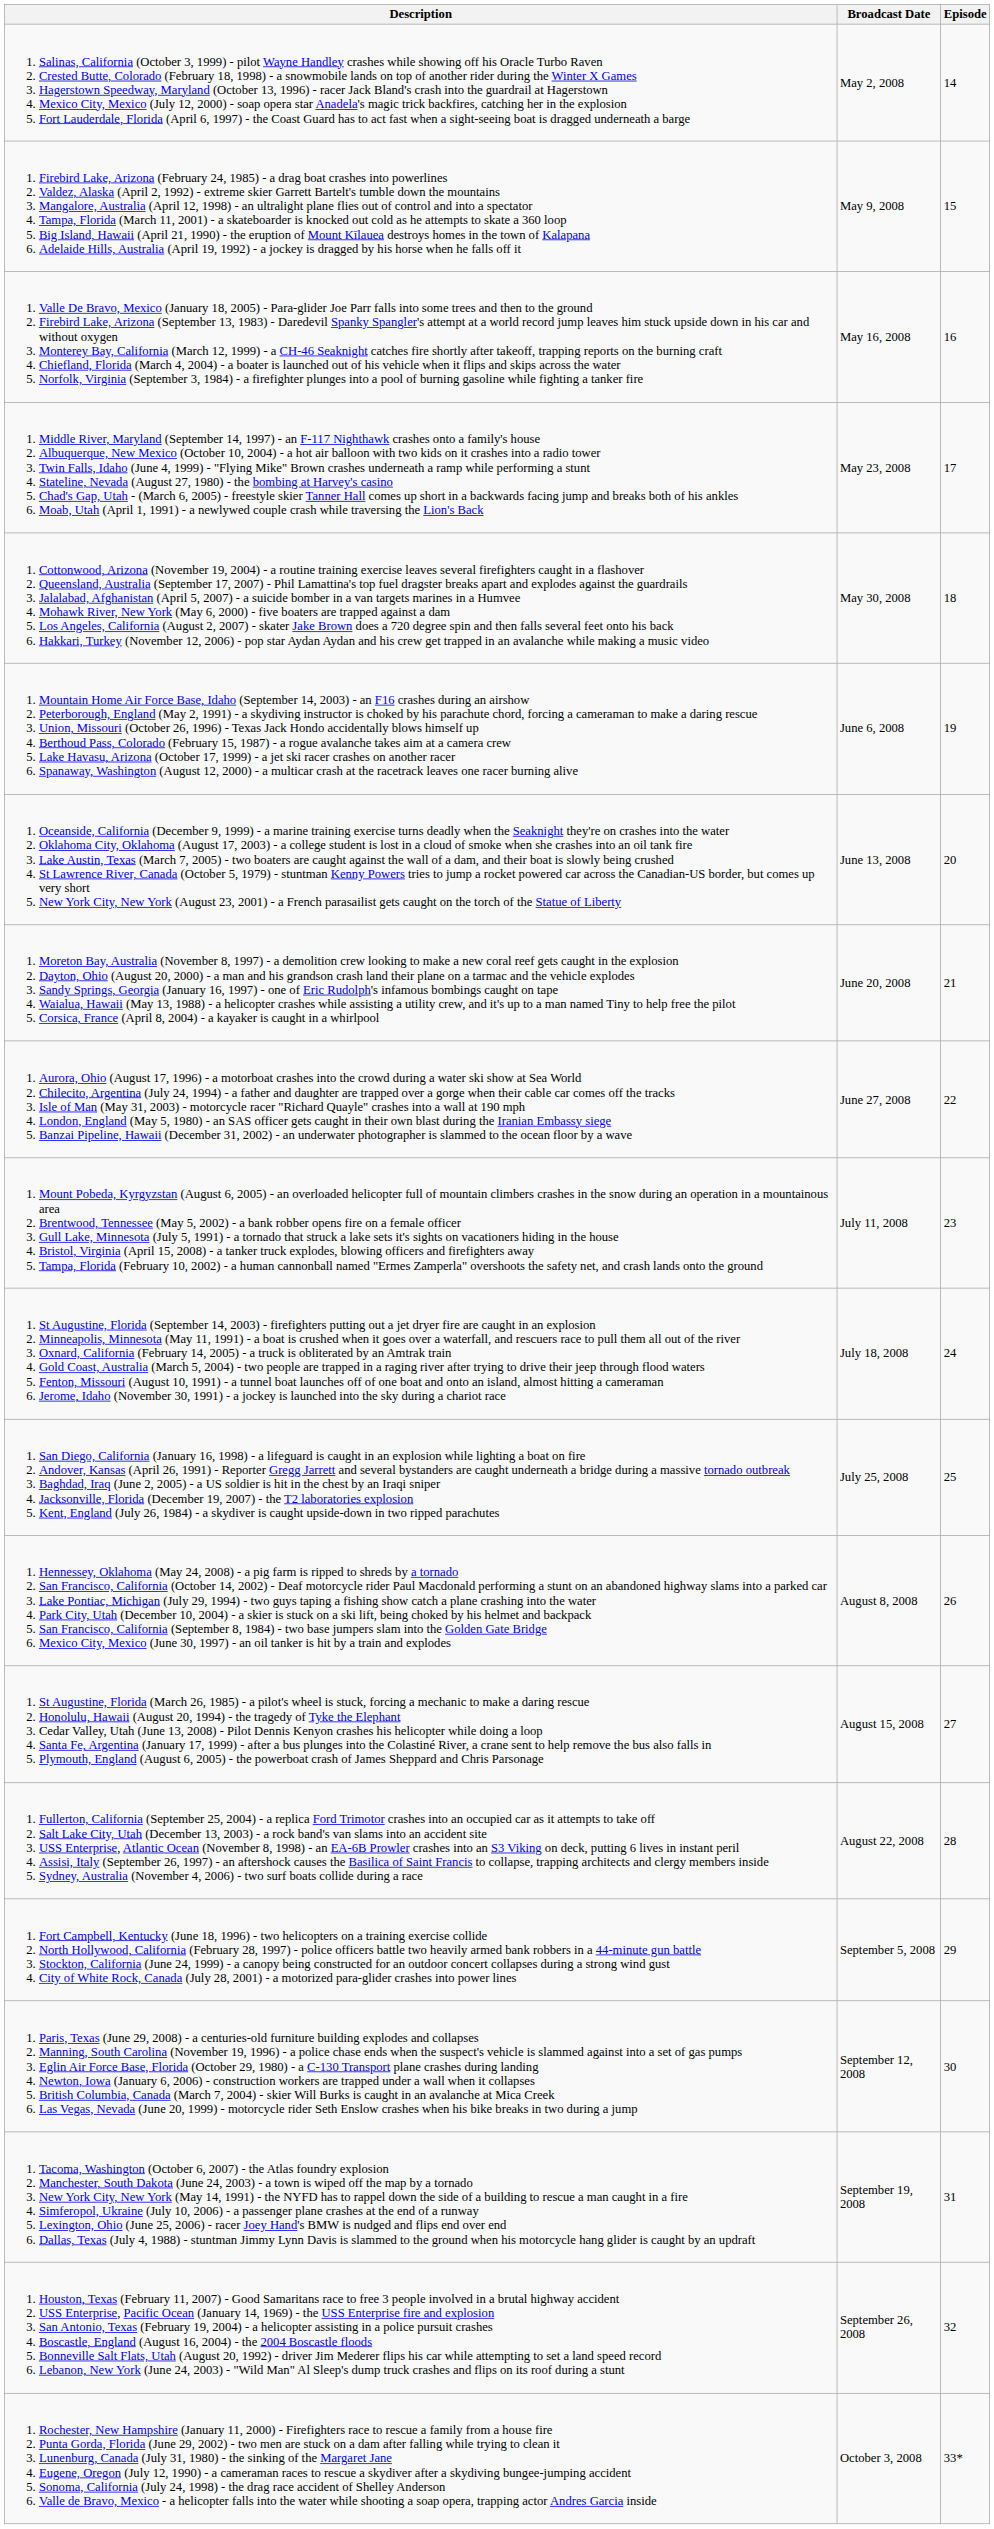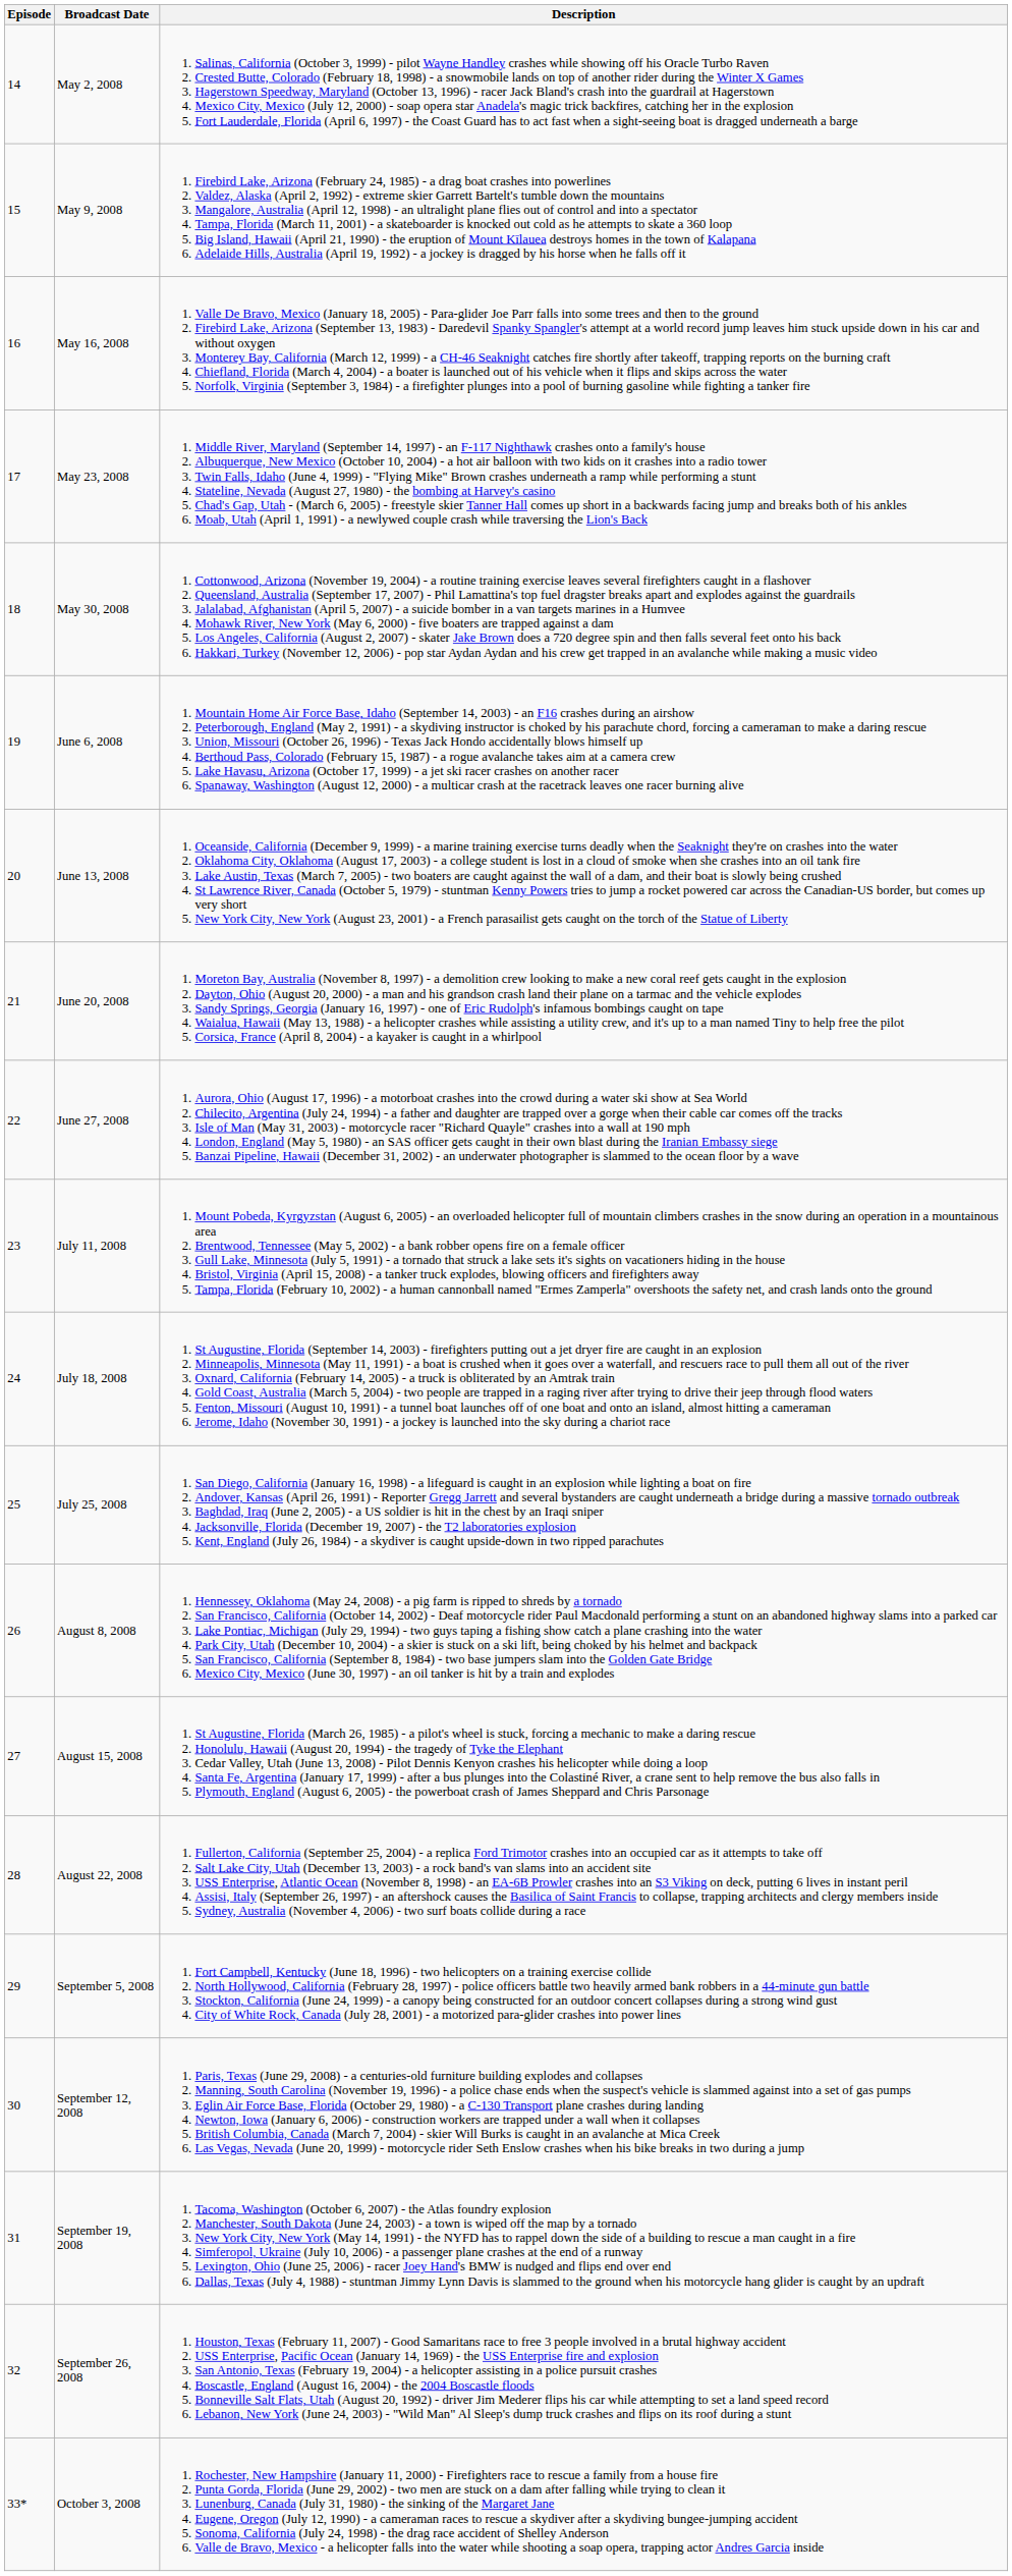 <table class="wikitable">
 <tr>
+<th>Episode</th>
+<th>Broadcast Date</th>
 <th>Description</th>
-<th>Broadcast Date</th>
-<th>Episode</th>
 </tr>
 <tr>
+<td>14</td>
+<td>May 2, 2008</td>
 <td><br><ol><li><a href='#'>Salinas, California</a> (October 3, 1999) - pilot <a href='#'>Wayne Handley</a> crashes while showing off his Oracle Turbo Raven</li><li><a href='#'>Crested Butte, Colorado</a> (February 18, 1998) - a snowmobile lands on top of another rider during the <a href='#'>Winter X Games</a></li><li><a href='#'>Hagerstown Speedway, Maryland</a> (October 13, 1996) - racer Jack Bland's crash into the guardrail at Hagerstown</li><li><a href='#'>Mexico City, Mexico</a> (July 12, 2000) - soap opera star <a href='#'>Anadela</a>'s magic trick backfires, catching her in the explosion</li><li><a href='#'>Fort Lauderdale, Florida</a> (April 6, 1997) - the Coast Guard has to act fast when a sight-seeing boat is dragged underneath a barge</li></ol></td>
-<td>May 2, 2008</td>
-<td>14</td>
 </tr>
 <tr>
+<td>15</td>
+<td>May 9, 2008</td>
 <td><br><ol><li><a href='#'>Firebird Lake, Arizona</a> (February 24, 1985) - a drag boat crashes into powerlines</li><li><a href='#'>Valdez, Alaska</a> (April 2, 1992) - extreme skier Garrett Bartelt's tumble down the mountains</li><li><a href='#'>Mangalore, Australia</a> (April 12, 1998) - an ultralight plane flies out of control and into a spectator</li><li><a href='#'>Tampa, Florida</a> (March 11, 2001) - a skateboarder is knocked out cold as he attempts to skate a 360 loop</li><li><a href='#'>Big Island, Hawaii</a> (April 21, 1990) - the eruption of <a href='#'>Mount Kīlauea</a> destroys homes in the town of <a href='#'>Kalapana</a></li><li><a href='#'>Adelaide Hills, Australia</a> (April 19, 1992) - a jockey is dragged by his horse when he falls off it</li></ol></td>
-<td>May 9, 2008</td>
-<td>15</td>
 </tr>
 <tr>
+<td>16</td>
+<td>May 16, 2008</td>
 <td><br><ol><li><a href='#'>Valle De Bravo, Mexico</a> (January 18, 2005) - Para-glider Joe Parr falls into some trees and then to the ground</li><li><a href='#'>Firebird Lake, Arizona</a> (September 13, 1983) - Daredevil <a href='#'>Spanky Spangler</a>'s attempt at a world record jump leaves him stuck upside down in his car and without oxygen</li><li><a href='#'>Monterey Bay, California</a> (March 12, 1999) - a <a href='#'>CH-46 Seaknight</a> catches fire shortly after takeoff, trapping reports on the burning craft</li><li><a href='#'>Chiefland, Florida</a> (March 4, 2004) - a boater is launched out of his vehicle when it flips and skips across the water</li><li><a href='#'>Norfolk, Virginia</a> (September 3, 1984) - a firefighter plunges into a pool of burning gasoline while fighting a tanker fire</li></ol></td>
-<td>May 16, 2008</td>
-<td>16</td>
 </tr>
 <tr>
+<td>17</td>
+<td>May 23, 2008</td>
 <td><br><ol><li><a href='#'>Middle River, Maryland</a> (September 14, 1997) - an <a href='#'>F-117 Nighthawk</a> crashes onto a family's house</li><li><a href='#'>Albuquerque, New Mexico</a> (October 10, 2004) - a hot air balloon with two kids on it crashes into a radio tower</li><li><a href='#'>Twin Falls, Idaho</a> (June 4, 1999) - "Flying Mike" Brown crashes underneath a ramp while performing a stunt</li><li><a href='#'>Stateline, Nevada</a> (August 27, 1980) - the <a href='#'>bombing at Harvey's casino</a></li><li><a href='#'>Chad's Gap, Utah</a> - (March 6, 2005) - freestyle skier <a href='#'>Tanner Hall</a> comes up short in a backwards facing jump and breaks both of his ankles</li><li><a href='#'>Moab, Utah</a> (April 1, 1991) - a newlywed couple crash while traversing the <a href='#'>Lion's Back</a></li></ol></td>
-<td>May 23, 2008</td>
-<td>17</td>
 </tr>
 <tr>
+<td>18</td>
+<td>May 30, 2008</td>
 <td><br><ol><li><a href='#'>Cottonwood, Arizona</a> (November 19, 2004) - a routine training exercise leaves several firefighters caught in a flashover</li><li><a href='#'>Queensland, Australia</a> (September 17, 2007) - Phil Lamattina's top fuel dragster breaks apart and explodes against the guardrails</li><li><a href='#'>Jalalabad, Afghanistan</a> (April 5, 2007) - a suicide bomber in a van targets marines in a Humvee</li><li><a href='#'>Mohawk River, New York</a> (May 6, 2000) - five boaters are trapped against a dam</li><li><a href='#'>Los Angeles, California</a> (August 2, 2007) - skater <a href='#'>Jake Brown</a> does a 720 degree spin and then falls several feet onto his back</li><li><a href='#'>Hakkari, Turkey</a> (November 12, 2006) - pop star Aydan Aydan and his crew get trapped in an avalanche while making a music video</li></ol></td>
-<td>May 30, 2008</td>
-<td>18</td>
 </tr>
 <tr>
+<td>19</td>
+<td>June 6, 2008</td>
 <td><br><ol><li><a href='#'>Mountain Home Air Force Base, Idaho</a> (September 14, 2003) - an <a href='#'>F16</a> crashes during an airshow</li><li><a href='#'>Peterborough, England</a> (May 2, 1991) - a skydiving instructor is choked by his parachute chord, forcing a cameraman to make a daring rescue</li><li><a href='#'>Union, Missouri</a> (October 26, 1996) - Texas Jack Hondo accidentally blows himself up</li><li><a href='#'>Berthoud Pass, Colorado</a> (February 15, 1987) - a rogue avalanche takes aim at a camera crew</li><li><a href='#'>Lake Havasu, Arizona</a> (October 17, 1999) - a jet ski racer crashes on another racer</li><li><a href='#'>Spanaway, Washington</a> (August 12, 2000) - a multicar crash at the racetrack leaves one racer burning alive</li></ol></td>
-<td>June 6, 2008</td>
-<td>19</td>
 </tr>
 <tr>
+<td>20</td>
+<td>June 13, 2008</td>
 <td><br><ol><li><a href='#'>Oceanside, California</a> (December 9, 1999) - a marine training exercise turns deadly when the <a href='#'>Seaknight</a> they're on crashes into the water</li><li><a href='#'>Oklahoma City, Oklahoma</a> (August 17, 2003) - a college student is lost in a cloud of smoke when she crashes into an oil tank fire</li><li><a href='#'>Lake Austin, Texas</a> (March 7, 2005) - two boaters are caught against the wall of a dam, and their boat is slowly being crushed</li><li><a href='#'>St Lawrence River, Canada</a> (October 5, 1979) - stuntman <a href='#'>Kenny Powers</a> tries to jump a rocket powered car across the Canadian-US border, but comes up very short</li><li><a href='#'>New York City, New York</a> (August 23, 2001) - a French parasailist gets caught on the torch of the <a href='#'>Statue of Liberty</a></li></ol></td>
-<td>June 13, 2008</td>
-<td>20</td>
 </tr>
 <tr>
+<td>21</td>
+<td>June 20, 2008</td>
 <td><br><ol><li><a href='#'>Moreton Bay, Australia</a> (November 8, 1997) - a demolition crew looking to make a new coral reef gets caught in the explosion</li><li><a href='#'>Dayton, Ohio</a> (August 20, 2000) - a man and his grandson crash land their plane on a tarmac and the vehicle explodes</li><li><a href='#'>Sandy Springs, Georgia</a> (January 16, 1997) - one of <a href='#'>Eric Rudolph</a>'s infamous bombings caught on tape</li><li><a href='#'>Waialua, Hawaii</a> (May 13, 1988) - a helicopter crashes while assisting a utility crew, and it's up to a man named Tiny to help free the pilot</li><li><a href='#'>Corsica, France</a> (April 8, 2004) - a kayaker is caught in a whirlpool</li></ol></td>
-<td>June 20, 2008</td>
-<td>21</td>
 </tr>
 <tr>
+<td>22</td>
+<td>June 27, 2008</td>
 <td><br><ol><li><a href='#'>Aurora, Ohio</a> (August 17, 1996) - a motorboat crashes into the crowd during a water ski show at Sea World</li><li><a href='#'>Chilecito, Argentina</a> (July 24, 1994) - a father and daughter are trapped over a gorge when their cable car comes off the tracks</li><li><a href='#'>Isle of Man</a> (May 31, 2003) - motorcycle racer "Richard Quayle" crashes into a wall at 190 mph</li><li><a href='#'>London, England</a> (May 5, 1980) - an SAS officer gets caught in their own blast during the <a href='#'>Iranian Embassy siege</a></li><li><a href='#'>Banzai Pipeline, Hawaii</a> (December 31, 2002) - an underwater photographer is slammed to the ocean floor by a wave</li></ol></td>
-<td>June 27, 2008</td>
-<td>22</td>
 </tr>
 <tr>
+<td>23</td>
+<td>July 11, 2008</td>
 <td><br><ol><li><a href='#'>Mount Pobeda, Kyrgyzstan</a> (August 6, 2005) - an overloaded helicopter full of mountain climbers crashes in the snow during an operation in a mountainous area</li><li><a href='#'>Brentwood, Tennessee</a> (May 5, 2002) - a bank robber opens fire on a female officer</li><li><a href='#'>Gull Lake, Minnesota</a> (July 5, 1991) - a tornado that struck a lake sets it's sights on vacationers hiding in the house</li><li><a href='#'>Bristol, Virginia</a> (April 15, 2008) - a tanker truck explodes, blowing officers and firefighters away</li><li><a href='#'>Tampa, Florida</a> (February 10, 2002) - a human cannonball named "Ermes Zamperla" overshoots the safety net, and crash lands onto the ground</li></ol></td>
-<td>July 11, 2008</td>
-<td>23</td>
 </tr>
 <tr>
+<td>24</td>
+<td>July 18, 2008</td>
 <td><br><ol><li><a href='#'>St Augustine, Florida</a> (September 14, 2003) - firefighters putting out a jet dryer fire are caught in an explosion</li><li><a href='#'>Minneapolis, Minnesota</a> (May 11, 1991) - a boat is crushed when it goes over a waterfall, and rescuers race to pull them all out of the river</li><li><a href='#'>Oxnard, California</a> (February 14, 2005) - a truck is obliterated by an Amtrak train</li><li><a href='#'>Gold Coast, Australia</a> (March 5, 2004) - two people are trapped in a raging river after trying to drive their jeep through flood waters</li><li><a href='#'>Fenton, Missouri</a> (August 10, 1991) - a tunnel boat launches off of one boat and onto an island, almost hitting a cameraman</li><li><a href='#'>Jerome, Idaho</a> (November 30, 1991) - a jockey is launched into the sky during a chariot race</li></ol></td>
-<td>July 18, 2008</td>
-<td>24</td>
 </tr>
 <tr>
+<td>25</td>
+<td>July 25, 2008</td>
 <td><br><ol><li><a href='#'>San Diego, California</a> (January 16, 1998) - a lifeguard is caught in an explosion while lighting a boat on fire</li><li><a href='#'>Andover, Kansas</a> (April 26, 1991) - Reporter <a href='#'>Gregg Jarrett</a> and several bystanders are caught underneath a bridge during a massive <a href='#'>tornado outbreak</a></li><li><a href='#'>Baghdad, Iraq</a> (June 2, 2005) - a US soldier is hit in the chest by an Iraqi sniper</li><li><a href='#'>Jacksonville, Florida</a> (December 19, 2007) - the <a href='#'>T2 laboratories explosion</a></li><li><a href='#'>Kent, England</a> (July 26, 1984) - a skydiver is caught upside-down in two ripped parachutes</li></ol></td>
-<td>July 25, 2008</td>
-<td>25</td>
 </tr>
 <tr>
+<td>26</td>
+<td>August 8, 2008</td>
 <td><br><ol><li><a href='#'>Hennessey, Oklahoma</a> (May 24, 2008) - a pig farm is ripped to shreds by <a href='#'>a tornado</a></li><li><a href='#'>San Francisco, California</a> (October 14, 2002) - Deaf motorcycle rider Paul Macdonald performing a stunt on an abandoned highway slams into a parked car</li><li><a href='#'>Lake Pontiac, Michigan</a> (July 29, 1994) - two guys taping a fishing show catch a plane crashing into the water</li><li><a href='#'>Park City, Utah</a> (December 10, 2004) - a skier is stuck on a ski lift, being choked by his helmet and backpack</li><li><a href='#'>San Francisco, California</a> (September 8, 1984) - two base jumpers slam into the <a href='#'>Golden Gate Bridge</a></li><li><a href='#'>Mexico City, Mexico</a> (June 30, 1997) - an oil tanker is hit by a train and explodes</li></ol></td>
-<td>August 8, 2008</td>
-<td>26</td>
 </tr>
 <tr>
+<td>27</td>
+<td>August 15, 2008</td>
 <td><br><ol><li><a href='#'>St Augustine, Florida</a> (March 26, 1985) - a pilot's wheel is stuck, forcing a mechanic to make a daring rescue</li><li><a href='#'>Honolulu, Hawaii</a> (August 20, 1994) - the tragedy of <a href='#'>Tyke the Elephant</a></li><li>Cedar Valley, Utah (June 13, 2008) - Pilot Dennis Kenyon crashes his helicopter while doing a loop</li><li><a href='#'>Santa Fe, Argentina</a> (January 17, 1999) - after a bus plunges into the Colastiné River, a crane sent to help remove the bus also falls in</li><li><a href='#'>Plymouth, England</a> (August 6, 2005) - the powerboat crash of James Sheppard and Chris Parsonage</li></ol></td>
-<td>August 15, 2008</td>
-<td>27</td>
 </tr>
 <tr>
+<td>28</td>
+<td>August 22, 2008</td>
 <td><br><ol><li><a href='#'>Fullerton, California</a> (September 25, 2004) - a replica <a href='#'>Ford Trimotor</a> crashes into an occupied car as it attempts to take off</li><li><a href='#'>Salt Lake City, Utah</a> (December 13, 2003) - a rock band's van slams into an accident site</li><li><a href='#'>USS Enterprise</a>, <a href='#'>Atlantic Ocean</a> (November 8, 1998) - an <a href='#'>EA-6B Prowler</a> crashes into an <a href='#'>S3 Viking</a> on deck, putting 6 lives in instant peril</li><li><a href='#'>Assisi, Italy</a> (September 26, 1997) - an aftershock causes the <a href='#'>Basilica of Saint Francis</a> to collapse, trapping architects and clergy members inside</li><li><a href='#'>Sydney, Australia</a> (November 4, 2006) - two surf boats collide during a race</li></ol></td>
-<td>August 22, 2008</td>
-<td>28</td>
 </tr>
 <tr>
+<td>29</td>
+<td>September 5, 2008</td>
 <td><br><ol><li><a href='#'>Fort Campbell, Kentucky</a> (June 18, 1996) - two helicopters on a training exercise collide</li><li><a href='#'>North Hollywood, California</a> (February 28, 1997) -  police officers battle two heavily armed bank robbers in a <a href='#'>44-minute gun battle</a></li><li><a href='#'>Stockton, California</a> (June 24, 1999) - a canopy being constructed for an outdoor concert collapses during a strong wind gust</li><li><a href='#'>City of White Rock, Canada</a> (July 28, 2001) - a motorized para-glider crashes into power lines</li></ol></td>
-<td>September 5, 2008</td>
-<td>29</td>
 </tr>
 <tr>
+<td>30</td>
+<td>September 12, 2008</td>
 <td><br><ol><li><a href='#'>Paris, Texas</a> (June 29, 2008) - a centuries-old furniture building explodes and collapses</li><li><a href='#'>Manning, South Carolina</a> (November 19, 1996) - a police chase ends when the suspect's vehicle is slammed against into a set of gas pumps</li><li><a href='#'>Eglin Air Force Base, Florida</a> (October 29, 1980) - a <a href='#'>C-130 Transport</a> plane crashes during landing</li><li><a href='#'>Newton, Iowa</a> (January 6, 2006) - construction workers are trapped under a wall when it collapses</li><li><a href='#'>British Columbia, Canada</a> (March 7, 2004) - skier Will Burks is caught in an avalanche at Mica Creek</li><li><a href='#'>Las Vegas, Nevada</a> (June 20, 1999) - motorcycle rider Seth Enslow crashes when his bike breaks in two during a jump</li></ol></td>
-<td>September 12, 2008</td>
-<td>30</td>
 </tr>
 <tr>
+<td>31</td>
+<td>September 19, 2008</td>
 <td><br><ol><li><a href='#'>Tacoma, Washington</a> (October 6, 2007) - the Atlas foundry explosion</li><li><a href='#'>Manchester, South Dakota</a> (June 24, 2003) - a town is wiped off the map by a tornado</li><li><a href='#'>New York City, New York</a> (May 14, 1991) - the NYFD has to rappel down the side of a building to rescue a man caught in a fire</li><li><a href='#'>Simferopol, Ukraine</a> (July 10, 2006) - a passenger plane crashes at the end of a runway</li><li><a href='#'>Lexington, Ohio</a> (June 25, 2006) - racer <a href='#'>Joey Hand</a>'s BMW is nudged and flips end over end</li><li><a href='#'>Dallas, Texas</a> (July 4, 1988) - stuntman Jimmy Lynn Davis is slammed to the ground when his motorcycle hang glider is caught by an updraft</li></ol></td>
-<td>September 19, 2008</td>
-<td>31</td>
 </tr>
 <tr>
+<td>32</td>
+<td>September 26, 2008</td>
 <td><br><ol><li><a href='#'>Houston, Texas</a> (February 11, 2007) - Good Samaritans race to free 3 people involved in a brutal highway accident</li><li><a href='#'>USS Enterprise</a>, <a href='#'>Pacific Ocean</a> (January 14, 1969) - the <a href='#'>USS Enterprise fire and explosion</a></li><li><a href='#'>San Antonio, Texas</a> (February 19, 2004) - a helicopter assisting in a police pursuit crashes</li><li><a href='#'>Boscastle, England</a> (August 16, 2004) - the <a href='#'>2004 Boscastle floods</a></li><li><a href='#'>Bonneville Salt Flats, Utah</a> (August 20, 1992) - driver Jim Mederer flips his car while attempting to set a land speed record</li><li><a href='#'>Lebanon, New York</a> (June 24, 2003) - "Wild Man" Al Sleep's dump truck crashes and flips on its roof during a stunt</li></ol></td>
-<td>September 26, 2008</td>
-<td>32</td>
 </tr>
 <tr>
+<td>33*</td>
+<td>October 3, 2008</td>
 <td><br><ol><li><a href='#'>Rochester, New Hampshire</a> (January 11, 2000) - Firefighters race to rescue a family from a house fire</li><li><a href='#'>Punta Gorda, Florida</a> (June 29, 2002) - two men are stuck on a dam after falling while trying to clean it</li><li><a href='#'>Lunenburg, Canada</a> (July 31, 1980) - the sinking of the <a href='#'>Margaret Jane</a></li><li><a href='#'>Eugene, Oregon</a> (July 12, 1990) - a cameraman races to rescue a skydiver after a skydiving bungee-jumping accident</li><li><a href='#'>Sonoma, California</a> (July 24, 1998) - the drag race accident of Shelley Anderson</li><li><a href='#'>Valle de Bravo, Mexico</a> - a helicopter falls into the water while shooting a soap opera, trapping actor <a href='#'>Andres Garcia</a> inside</li></ol></td>
-<td>October 3, 2008</td>
-<td>33*</td>
 </tr>
 </table>
